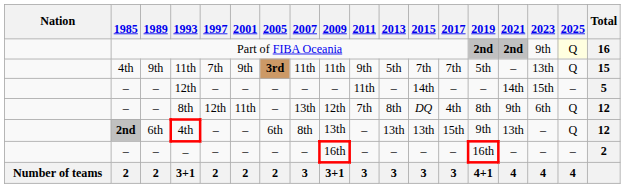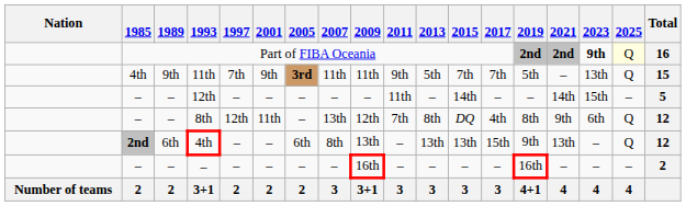 <table class="wikitable" style="text-align:center; font-size:90%">
 <tr bgcolor="">
 <th width=120px>Nation</th>
 <th><br><a href='#'>1985</a></th>
 <th><br><a href='#'>1989</a></th>
 <th><br><a href='#'>1993</a></th>
 <th><br><a href='#'>1997</a></th>
 <th><br><a href='#'>2001</a></th>
 <th><br><a href='#'>2005</a></th>
 <th><br><a href='#'>2007</a></th>
 <th><br><a href='#'>2009</a></th>
 <th><br><a href='#'>2011</a></th>
 <th><br><a href='#'>2013</a></th>
 <th><br><a href='#'>2015</a></th>
 <th><br><a href='#'>2017</a></th>
 <th><br><a href='#'>2019</a></th>
 <th><br><a href='#'>2021</a></th>
 <th><br><a href='#'>2023</a></th>
 <th><br><a href='#'>2025</a></th>
 <th>Total</th>
 </tr>
 <tr>
 <td align="left"></td>
 <td colspan="12">Part of <a href='#'>FIBA Oceania</a></td>
 <td bgcolor="silver"><strong>2nd</strong></td>
 <td bgcolor="silver"><strong>2nd</strong></td>
-<td>9th</td>
+<td><strong>9th</strong></td>
 <td style="background: lightyellow;">Q</td>
 <th>16</th>
 </tr>
 <tr>
 <td align="left"></td>
 <td>4th</td>
 <td>9th</td>
 <td>11th</td>
 <td>7th</td>
 <td>9th</td>
 <td bgcolor="cc9966"><strong>3rd</strong></td>
 <td>11th</td>
 <td>11th</td>
 <td>9th</td>
 <td>5th</td>
 <td>7th</td>
 <td>7th</td>
 <td>5th</td>
 <td>–</td>
 <td>13th</td>
 <td>Q</td>
 <th>15</th>
 </tr>
 <tr>
 <td align="left"></td>
 <td>–</td>
 <td>–</td>
 <td>12th</td>
 <td>–</td>
 <td>–</td>
 <td>–</td>
 <td>–</td>
 <td>–</td>
 <td>11th</td>
 <td>–</td>
 <td>14th</td>
 <td>–</td>
 <td>–</td>
 <td>14th</td>
 <td>15th</td>
 <td>–</td>
 <th>5</th>
 </tr>
 <tr>
 <td align="left"></td>
 <td>–</td>
 <td>–</td>
 <td>8th</td>
 <td>12th</td>
 <td>11th</td>
 <td>–</td>
 <td>13th</td>
 <td>12th</td>
 <td>7th</td>
 <td>8th</td>
 <td><em>DQ</em></td>
 <td>4th</td>
 <td>8th</td>
 <td>9th</td>
 <td>6th</td>
 <td>Q</td>
 <th>12</th>
 </tr>
 <tr>
 <td align="left"></td>
 <td bgcolor="silver"><strong>2nd</strong></td>
 <td>6th</td>
 <td style="border: 3px solid red">4th</td>
 <td>–</td>
 <td>–</td>
 <td>6th</td>
 <td>8th</td>
 <td>13th</td>
 <td>–</td>
 <td>13th</td>
 <td>13th</td>
 <td>15th</td>
 <td>9th</td>
 <td>13th</td>
 <td>–</td>
 <td>Q</td>
 <th>12</th>
 </tr>
 <tr>
 <td align="left"></td>
 <td>–</td>
 <td>–</td>
 <td>–</td>
 <td>–</td>
 <td>–</td>
 <td>–</td>
 <td>–</td>
 <td style="border: 3px solid red">16th</td>
 <td>–</td>
 <td>–</td>
 <td>–</td>
 <td>–</td>
 <td style="border: 3px solid red">16th</td>
 <td>–</td>
 <td>–</td>
 <td>–</td>
 <th>2</th>
 </tr>
 <tr>
 <th>Number of teams</th>
 <th>2</th>
 <th>2</th>
 <th>3+1</th>
 <th>2</th>
 <th>2</th>
 <th>2</th>
 <th>3</th>
 <th>3+1</th>
 <th>3</th>
 <th>3</th>
 <th>3</th>
 <th>3</th>
 <th>4+1</th>
 <th>4</th>
 <th>4</th>
 <th>4</th>
 <th></th>
 </tr>
 </table>
